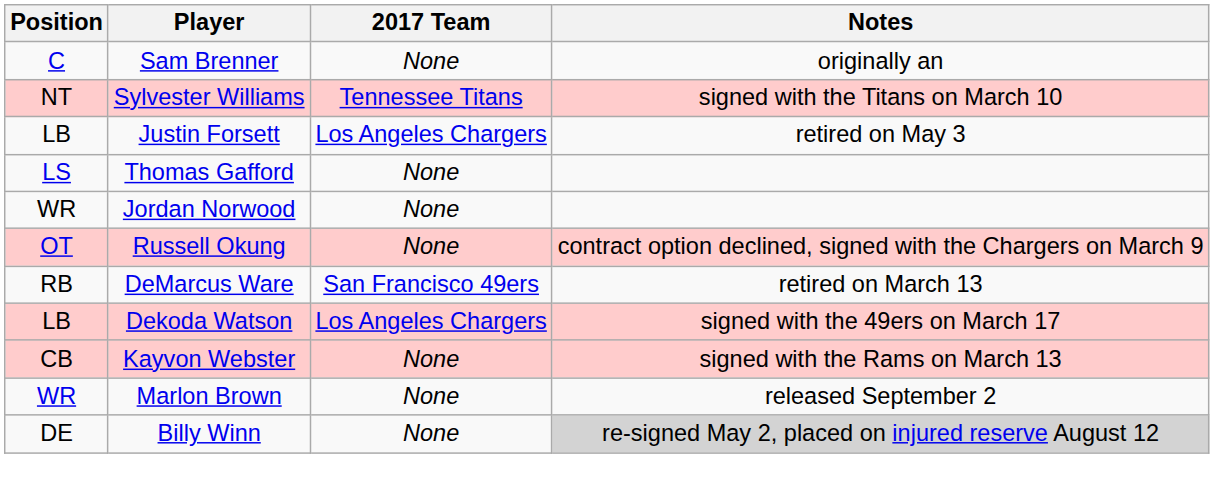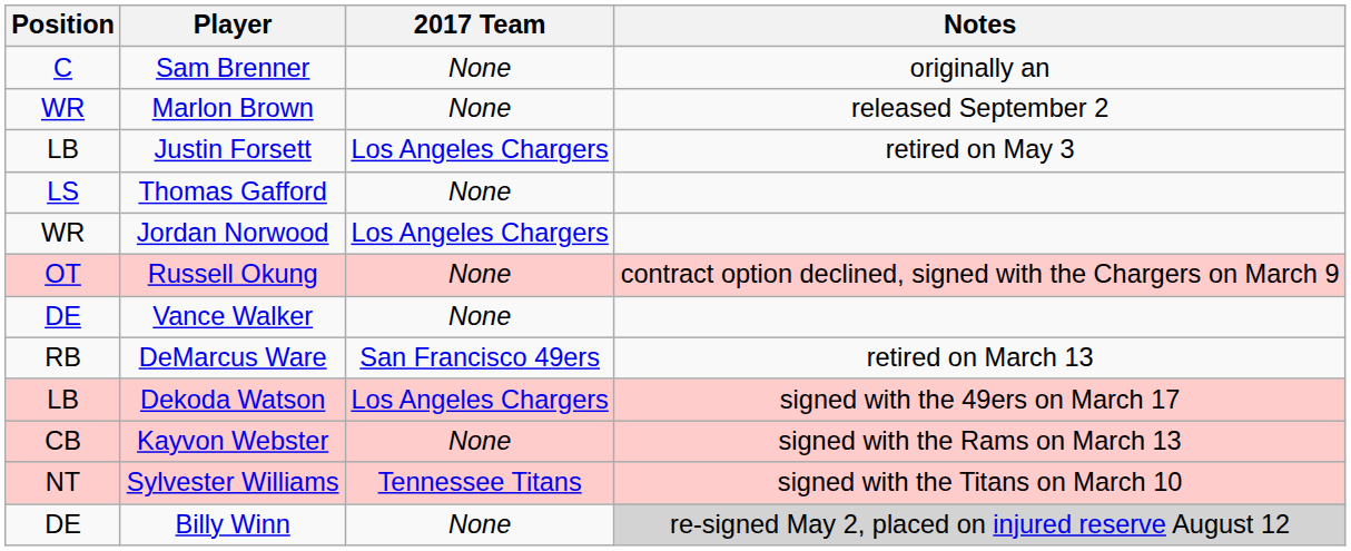 <table class="wikitable" style="text-align:center">
 <tr>
 <th>Position</th>
 <th>Player</th>
 <th>2017 Team</th>
 <th>Notes</th>
 </tr>
 <tr style="background:#">
 <td><a href='#'>C</a></td>
 <td><a href='#'>Sam Brenner</a></td>
 <td><em>None</em></td>
 <td>originally an </td>
 </tr>
-<tr style="background:#fcc">
-<td>NT</td>
-<td><a href='#'>Sylvester Williams</a></td>
-<td><a href='#'>Tennessee Titans</a></td>
-<td>signed with the Titans on March 10</td>
+<tr>
+<td><a href='#'>WR</a></td>
+<td><a href='#'>Marlon Brown</a></td>
+<td><em>None</em></td>
+<td>released September 2</td>
 </tr>
 <tr style="background:#">
 <td>LB</td>
 <td><a href='#'>Justin Forsett</a></td>
 <td><a href='#'>Los Angeles Chargers</a></td>
 <td>retired on May 3</td>
 </tr>
 <tr style="background:#">
 <td><a href='#'>LS</a></td>
 <td><a href='#'>Thomas Gafford</a></td>
 <td><em>None</em></td>
 <td></td>
 </tr>
 <tr style="background:#">
 <td>WR</td>
 <td><a href='#'>Jordan Norwood</a></td>
-<td><em>None</em></td>
+<td><a href='#'>Los Angeles Chargers</a></td>
 <td></td>
 </tr>
 <tr style="background:#fcc">
 <td><a href='#'>OT</a></td>
 <td><a href='#'>Russell Okung</a></td>
 <td><em>None</em></td>
 <td>contract option declined, signed with the Chargers on March 9</td>
+</tr>
+<tr style="background:#">
+<td><a href='#'>DE</a></td>
+<td><a href='#'>Vance Walker</a></td>
+<td><em>None</em></td>
+<td></td>
 </tr>
 <tr>
 <td>RB</td>
 <td><a href='#'>DeMarcus Ware</a></td>
 <td><a href='#'>San Francisco 49ers</a></td>
 <td>retired on March 13</td>
 </tr>
 <tr style="background:#fcc">
 <td>LB</td>
 <td><a href='#'>Dekoda Watson</a></td>
 <td><a href='#'>Los Angeles Chargers</a></td>
 <td>signed with the 49ers on March 17</td>
 </tr>
 <tr style="background:#fcc">
 <td>CB</td>
 <td><a href='#'>Kayvon Webster</a></td>
 <td><em>None</em></td>
 <td>signed with the Rams on March 13</td>
 </tr>
-<tr>
-<td><a href='#'>WR</a></td>
-<td><a href='#'>Marlon Brown</a></td>
-<td><em>None</em></td>
-<td>released September 2</td>
+<tr style="background:#fcc">
+<td>NT</td>
+<td><a href='#'>Sylvester Williams</a></td>
+<td><a href='#'>Tennessee Titans</a></td>
+<td>signed with the Titans on March 10</td>
 </tr>
 <tr>
 <td>DE</td>
 <td><a href='#'>Billy Winn</a></td>
 <td><em>None</em></td>
 <td style="background: lightgrey;">re-signed May 2, placed on <a href='#'>injured reserve</a> August 12</td>
 </tr>
 </table>
